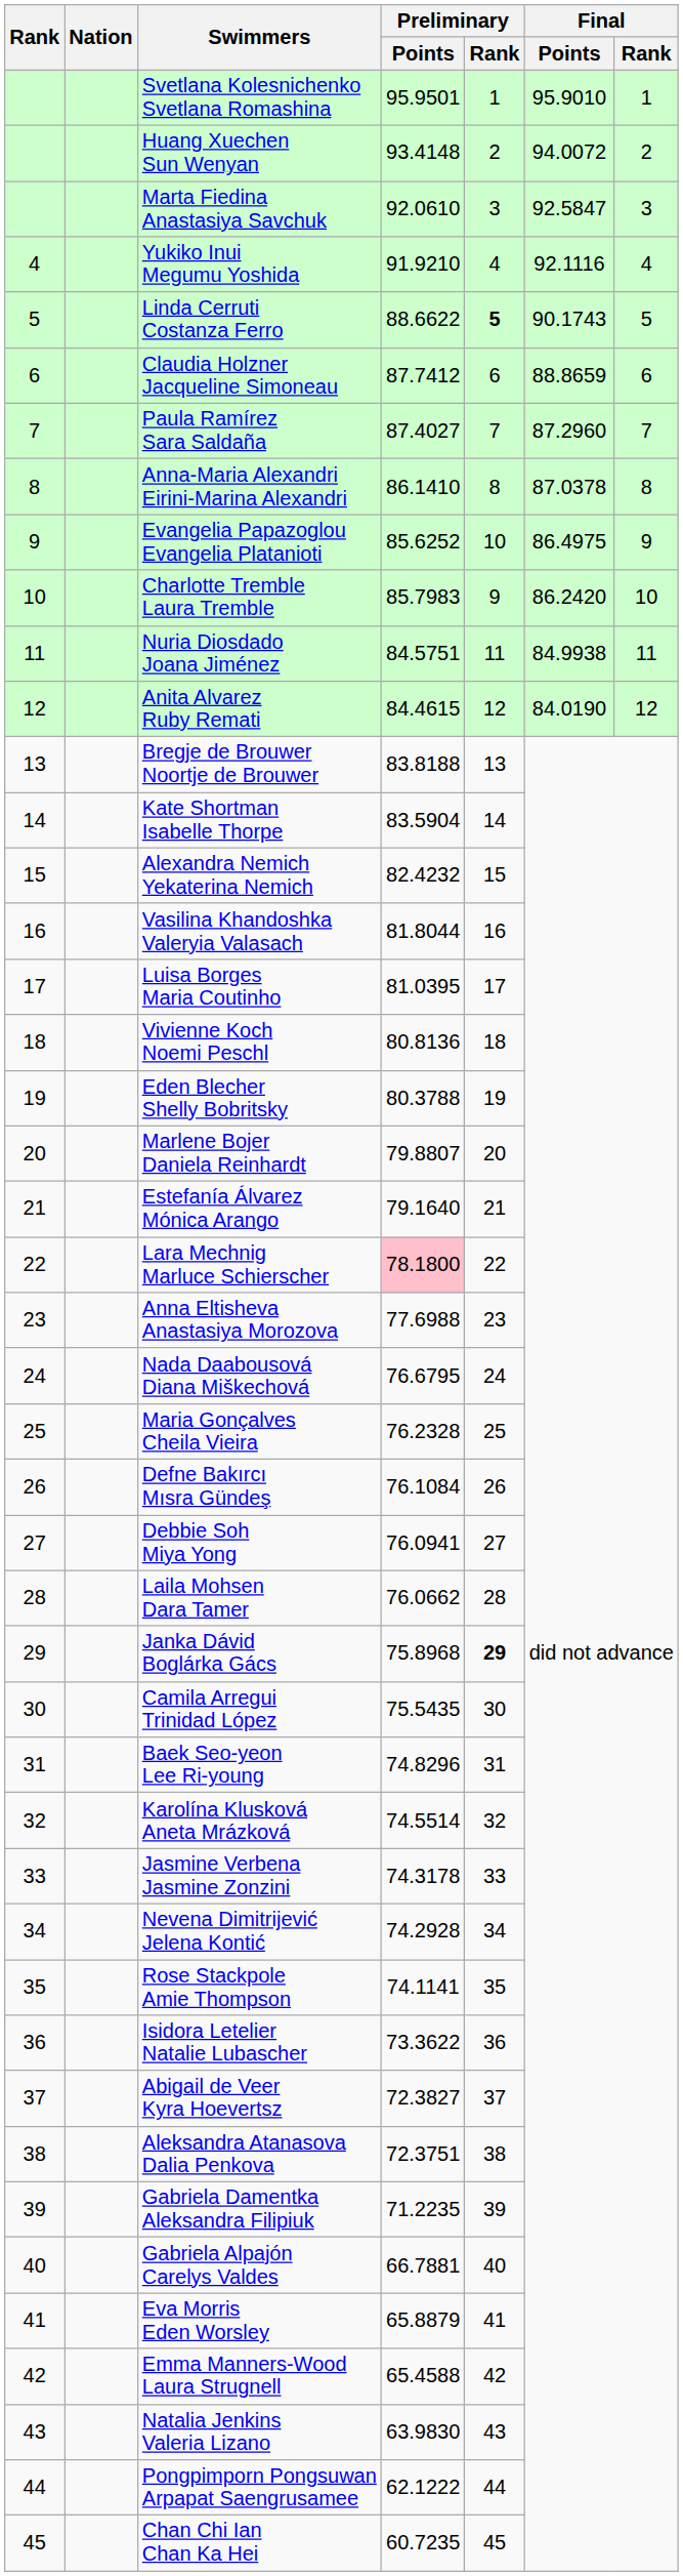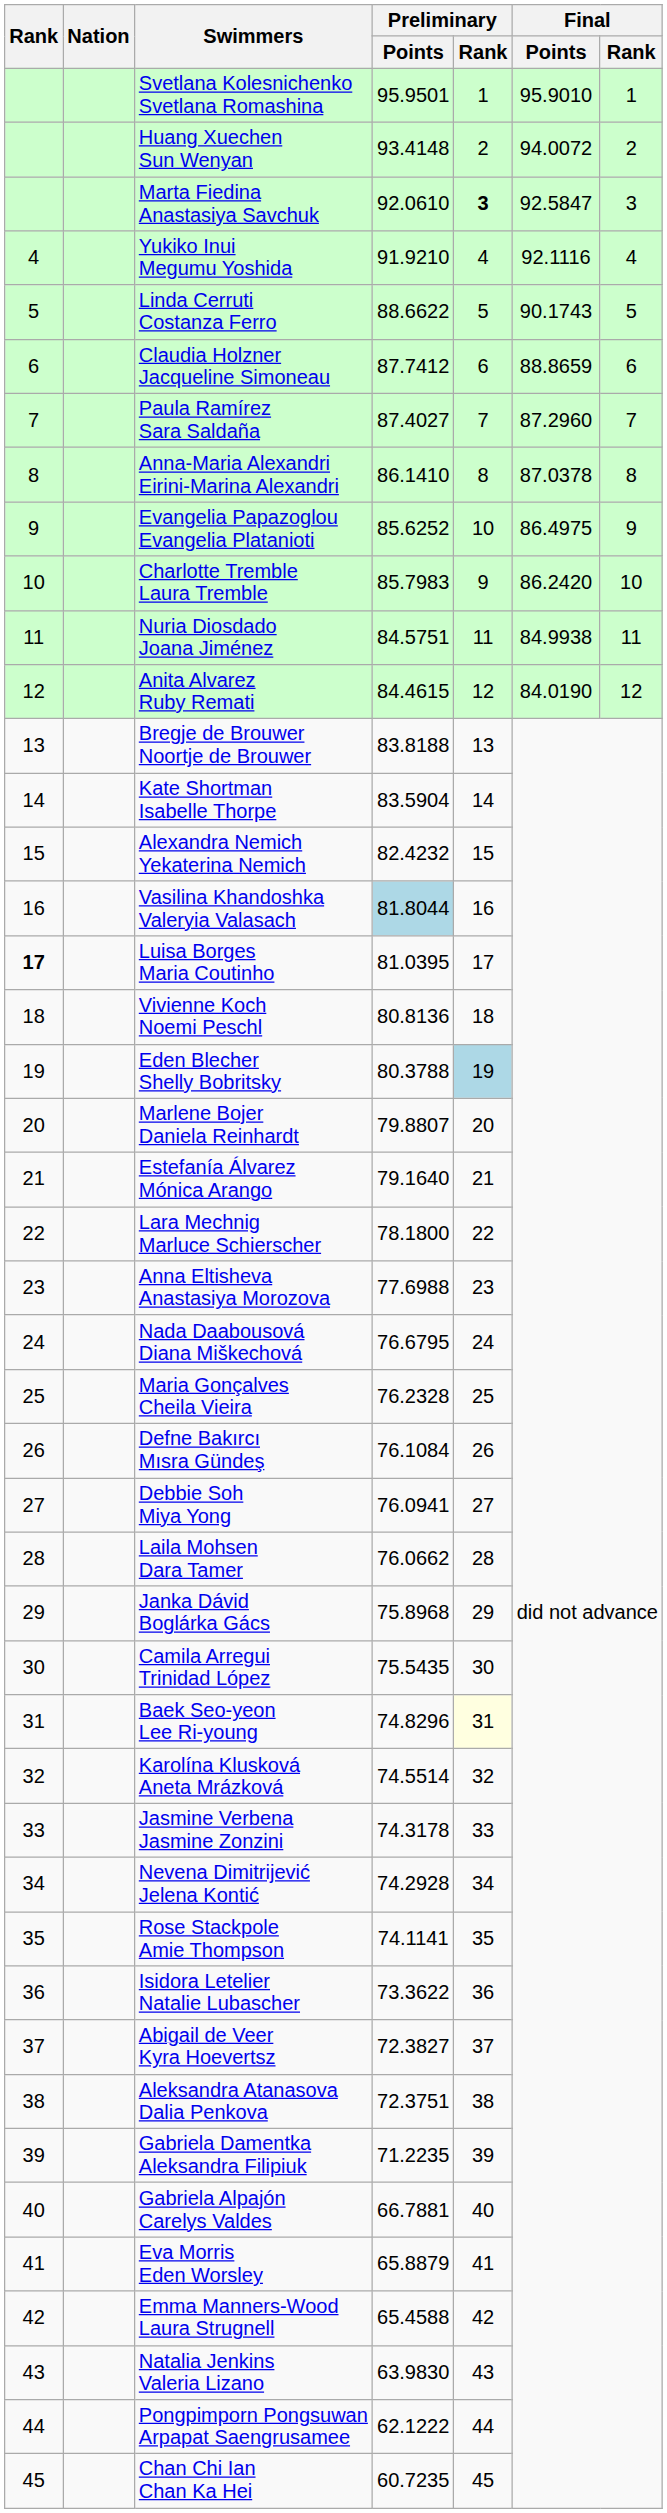 <table class="wikitable sortable" style="text-align:center">
 <tr>
 <th rowspan=2>Rank</th>
 <th rowspan=2>Nation</th>
 <th rowspan=2>Swimmers</th>
 <th colspan=2>Preliminary</th>
 <th colspan=2>Final</th>
 </tr>
 <tr>
 <th>Points</th>
 <th>Rank</th>
 <th>Points</th>
 <th>Rank</th>
 </tr>
 <tr bgcolor=ccffcc>
 <td></td>
 <td align=left></td>
 <td align=left><a href='#'>Svetlana Kolesnichenko</a><br><a href='#'>Svetlana Romashina</a></td>
 <td>95.9501</td>
 <td>1</td>
 <td>95.9010</td>
 <td>1</td>
 </tr>
 <tr bgcolor=ccffcc>
 <td></td>
 <td align=left></td>
 <td align=left><a href='#'>Huang Xuechen</a><br><a href='#'>Sun Wenyan</a></td>
 <td>93.4148</td>
 <td>2</td>
 <td>94.0072</td>
 <td>2</td>
 </tr>
 <tr bgcolor=ccffcc>
 <td></td>
 <td align=left></td>
 <td align=left><a href='#'>Marta Fiedina</a><br><a href='#'>Anastasiya Savchuk</a></td>
 <td>92.0610</td>
-<td>3</td>
+<td><strong>3</strong></td>
 <td>92.5847</td>
 <td>3</td>
 </tr>
 <tr bgcolor=ccffcc>
 <td>4</td>
 <td align=left></td>
 <td align=left><a href='#'>Yukiko Inui</a><br><a href='#'>Megumu Yoshida</a></td>
 <td>91.9210</td>
 <td>4</td>
 <td>92.1116</td>
 <td>4</td>
 </tr>
 <tr bgcolor=ccffcc>
 <td>5</td>
 <td align=left></td>
 <td align=left><a href='#'>Linda Cerruti</a><br><a href='#'>Costanza Ferro</a></td>
 <td>88.6622</td>
-<td><strong>5</strong></td>
+<td>5</td>
 <td>90.1743</td>
 <td>5</td>
 </tr>
 <tr bgcolor=ccffcc>
 <td>6</td>
 <td align=left></td>
 <td align=left><a href='#'>Claudia Holzner</a><br><a href='#'>Jacqueline Simoneau</a></td>
 <td>87.7412</td>
 <td>6</td>
 <td>88.8659</td>
 <td>6</td>
 </tr>
 <tr bgcolor=ccffcc>
 <td>7</td>
 <td align=left></td>
 <td align=left><a href='#'>Paula Ramírez</a><br><a href='#'>Sara Saldaña</a></td>
 <td>87.4027</td>
 <td>7</td>
 <td>87.2960</td>
 <td>7</td>
 </tr>
 <tr bgcolor=ccffcc>
 <td>8</td>
 <td align=left></td>
 <td align=left><a href='#'>Anna-Maria Alexandri</a><br><a href='#'>Eirini-Marina Alexandri</a></td>
 <td>86.1410</td>
 <td>8</td>
 <td>87.0378</td>
 <td>8</td>
 </tr>
 <tr bgcolor=ccffcc>
 <td>9</td>
 <td align=left></td>
 <td align=left><a href='#'>Evangelia Papazoglou</a><br><a href='#'>Evangelia Platanioti</a></td>
 <td>85.6252</td>
 <td>10</td>
 <td>86.4975</td>
 <td>9</td>
 </tr>
 <tr bgcolor=ccffcc>
 <td>10</td>
 <td align=left></td>
 <td align=left><a href='#'>Charlotte Tremble</a><br><a href='#'>Laura Tremble</a></td>
 <td>85.7983</td>
 <td>9</td>
 <td>86.2420</td>
 <td>10</td>
 </tr>
 <tr bgcolor=ccffcc>
 <td>11</td>
 <td align=left></td>
 <td align=left><a href='#'>Nuria Diosdado</a><br><a href='#'>Joana Jiménez</a></td>
 <td>84.5751</td>
 <td>11</td>
 <td>84.9938</td>
 <td>11</td>
 </tr>
 <tr bgcolor=ccffcc>
 <td>12</td>
 <td align=left></td>
 <td align=left><a href='#'>Anita Alvarez</a><br><a href='#'>Ruby Remati</a></td>
 <td>84.4615</td>
 <td>12</td>
 <td>84.0190</td>
 <td>12</td>
 </tr>
 <tr>
 <td>13</td>
 <td align=left></td>
 <td align=left><a href='#'>Bregje de Brouwer</a><br><a href='#'>Noortje de Brouwer</a></td>
 <td>83.8188</td>
 <td>13</td>
 <td colspan=2 rowspan=33>did not advance</td>
 </tr>
 <tr>
 <td>14</td>
 <td align=left></td>
 <td align=left><a href='#'>Kate Shortman</a><br><a href='#'>Isabelle Thorpe</a></td>
 <td>83.5904</td>
 <td>14</td>
 </tr>
 <tr>
 <td>15</td>
 <td align=left></td>
 <td align=left><a href='#'>Alexandra Nemich</a><br><a href='#'>Yekaterina Nemich</a></td>
 <td>82.4232</td>
 <td>15</td>
 </tr>
 <tr>
 <td>16</td>
 <td align=left></td>
 <td align=left><a href='#'>Vasilina Khandoshka</a><br><a href='#'>Valeryia Valasach</a></td>
-<td>81.8044</td>
+<td style="background: lightblue;">81.8044</td>
 <td>16</td>
 </tr>
 <tr>
-<td>17</td>
+<td><strong>17</strong></td>
 <td align=left></td>
 <td align=left><a href='#'>Luisa Borges</a><br><a href='#'>Maria Coutinho</a></td>
 <td>81.0395</td>
 <td>17</td>
 </tr>
 <tr>
 <td>18</td>
 <td align=left></td>
 <td align=left><a href='#'>Vivienne Koch</a><br><a href='#'>Noemi Peschl</a></td>
 <td>80.8136</td>
 <td>18</td>
 </tr>
 <tr>
 <td>19</td>
 <td align=left></td>
 <td align=left><a href='#'>Eden Blecher</a><br><a href='#'>Shelly Bobritsky</a></td>
 <td>80.3788</td>
-<td>19</td>
+<td style="background: lightblue;">19</td>
 </tr>
 <tr>
 <td>20</td>
 <td align=left></td>
 <td align=left><a href='#'>Marlene Bojer</a><br><a href='#'>Daniela Reinhardt</a></td>
 <td>79.8807</td>
 <td>20</td>
 </tr>
 <tr>
 <td>21</td>
 <td align=left></td>
 <td align=left><a href='#'>Estefanía Álvarez</a><br><a href='#'>Mónica Arango</a></td>
 <td>79.1640</td>
 <td>21</td>
 </tr>
 <tr>
 <td>22</td>
 <td align=left></td>
 <td align=left><a href='#'>Lara Mechnig</a><br><a href='#'>Marluce Schierscher</a></td>
-<td style="background: pink;">78.1800</td>
+<td>78.1800</td>
 <td>22</td>
 </tr>
 <tr>
 <td>23</td>
 <td align=left></td>
 <td align=left><a href='#'>Anna Eltisheva</a><br><a href='#'>Anastasiya Morozova</a></td>
 <td>77.6988</td>
 <td>23</td>
 </tr>
 <tr>
 <td>24</td>
 <td align=left></td>
 <td align=left><a href='#'>Nada Daabousová</a><br><a href='#'>Diana Miškechová</a></td>
 <td>76.6795</td>
 <td>24</td>
 </tr>
 <tr>
 <td>25</td>
 <td align=left></td>
 <td align=left><a href='#'>Maria Gonçalves</a><br><a href='#'>Cheila Vieira</a></td>
 <td>76.2328</td>
 <td>25</td>
 </tr>
 <tr>
 <td>26</td>
 <td align=left></td>
 <td align=left><a href='#'>Defne Bakırcı</a><br><a href='#'>Mısra Gündeş</a></td>
 <td>76.1084</td>
 <td>26</td>
 </tr>
 <tr>
 <td>27</td>
 <td align=left></td>
 <td align=left><a href='#'>Debbie Soh</a><br><a href='#'>Miya Yong</a></td>
 <td>76.0941</td>
 <td>27</td>
 </tr>
 <tr>
 <td>28</td>
 <td align=left></td>
 <td align=left><a href='#'>Laila Mohsen</a><br><a href='#'>Dara Tamer</a></td>
 <td>76.0662</td>
 <td>28</td>
 </tr>
 <tr>
 <td>29</td>
 <td align=left></td>
 <td align=left><a href='#'>Janka Dávid</a><br><a href='#'>Boglárka Gács</a></td>
 <td>75.8968</td>
-<td><strong>29</strong></td>
+<td>29</td>
 </tr>
 <tr>
 <td>30</td>
 <td align=left></td>
 <td align=left><a href='#'>Camila Arregui</a><br><a href='#'>Trinidad López</a></td>
 <td>75.5435</td>
 <td>30</td>
 </tr>
 <tr>
 <td>31</td>
 <td align=left></td>
 <td align=left><a href='#'>Baek Seo-yeon</a><br><a href='#'>Lee Ri-young</a></td>
 <td>74.8296</td>
-<td>31</td>
+<td style="background: lightyellow;">31</td>
 </tr>
 <tr>
 <td>32</td>
 <td align=left></td>
 <td align=left><a href='#'>Karolína Klusková</a><br><a href='#'>Aneta Mrázková</a></td>
 <td>74.5514</td>
 <td>32</td>
 </tr>
 <tr>
 <td>33</td>
 <td align=left></td>
 <td align=left><a href='#'>Jasmine Verbena</a><br><a href='#'>Jasmine Zonzini</a></td>
 <td>74.3178</td>
 <td>33</td>
 </tr>
 <tr>
 <td>34</td>
 <td align=left></td>
 <td align=left><a href='#'>Nevena Dimitrijević</a><br><a href='#'>Jelena Kontić</a></td>
 <td>74.2928</td>
 <td>34</td>
 </tr>
 <tr>
 <td>35</td>
 <td align=left></td>
 <td align=left><a href='#'>Rose Stackpole</a><br><a href='#'>Amie Thompson</a></td>
 <td>74.1141</td>
 <td>35</td>
 </tr>
 <tr>
 <td>36</td>
 <td align=left></td>
 <td align=left><a href='#'>Isidora Letelier</a><br><a href='#'>Natalie Lubascher</a></td>
 <td>73.3622</td>
 <td>36</td>
 </tr>
 <tr>
 <td>37</td>
 <td align=left></td>
 <td align=left><a href='#'>Abigail de Veer</a><br><a href='#'>Kyra Hoevertsz</a></td>
 <td>72.3827</td>
 <td>37</td>
 </tr>
 <tr>
 <td>38</td>
 <td align=left></td>
 <td align=left><a href='#'>Aleksandra Atanasova</a><br><a href='#'>Dalia Penkova</a></td>
 <td>72.3751</td>
 <td>38</td>
 </tr>
 <tr>
 <td>39</td>
 <td align=left></td>
 <td align=left><a href='#'>Gabriela Damentka</a><br><a href='#'>Aleksandra Filipiuk</a></td>
 <td>71.2235</td>
 <td>39</td>
 </tr>
 <tr>
 <td>40</td>
 <td align=left></td>
 <td align=left><a href='#'>Gabriela Alpajón</a><br><a href='#'>Carelys Valdes</a></td>
 <td>66.7881</td>
 <td>40</td>
 </tr>
 <tr>
 <td>41</td>
 <td align=left></td>
 <td align=left><a href='#'>Eva Morris</a><br><a href='#'>Eden Worsley</a></td>
 <td>65.8879</td>
 <td>41</td>
 </tr>
 <tr>
 <td>42</td>
 <td align=left></td>
 <td align=left><a href='#'>Emma Manners-Wood</a><br><a href='#'>Laura Strugnell</a></td>
 <td>65.4588</td>
 <td>42</td>
 </tr>
 <tr>
 <td>43</td>
 <td align=left></td>
 <td align=left><a href='#'>Natalia Jenkins</a><br><a href='#'>Valeria Lizano</a></td>
 <td>63.9830</td>
 <td>43</td>
 </tr>
 <tr>
 <td>44</td>
 <td align=left></td>
 <td align=left><a href='#'>Pongpimporn Pongsuwan</a><br><a href='#'>Arpapat Saengrusamee</a></td>
 <td>62.1222</td>
 <td>44</td>
 </tr>
 <tr>
 <td>45</td>
 <td align=left></td>
 <td align=left><a href='#'>Chan Chi Ian</a><br><a href='#'>Chan Ka Hei</a></td>
 <td>60.7235</td>
 <td>45</td>
 </tr>
 </table>
